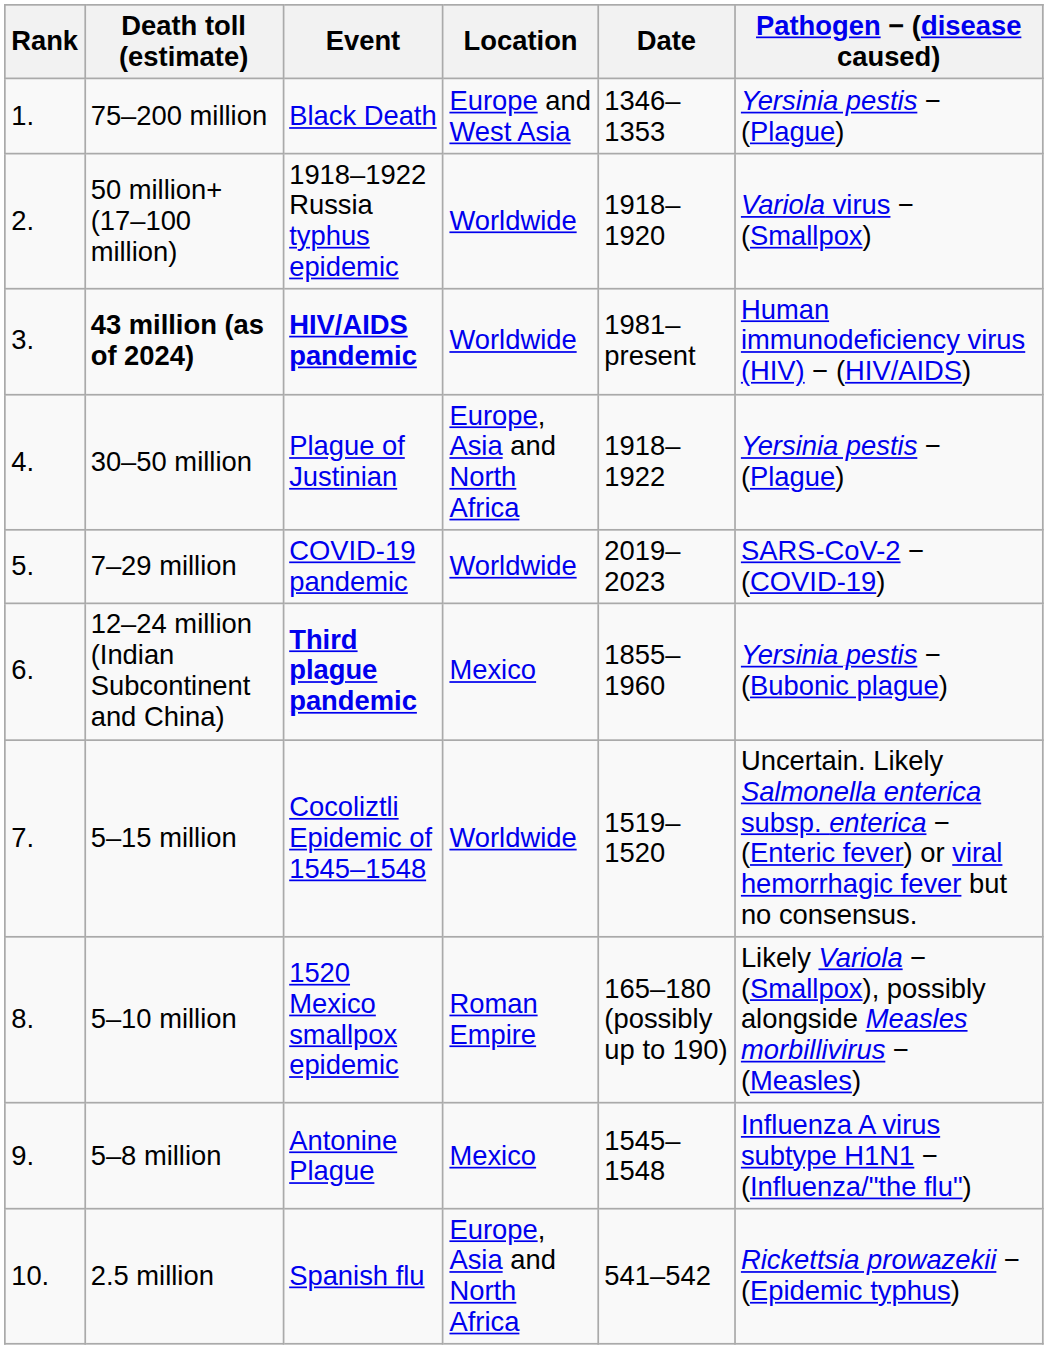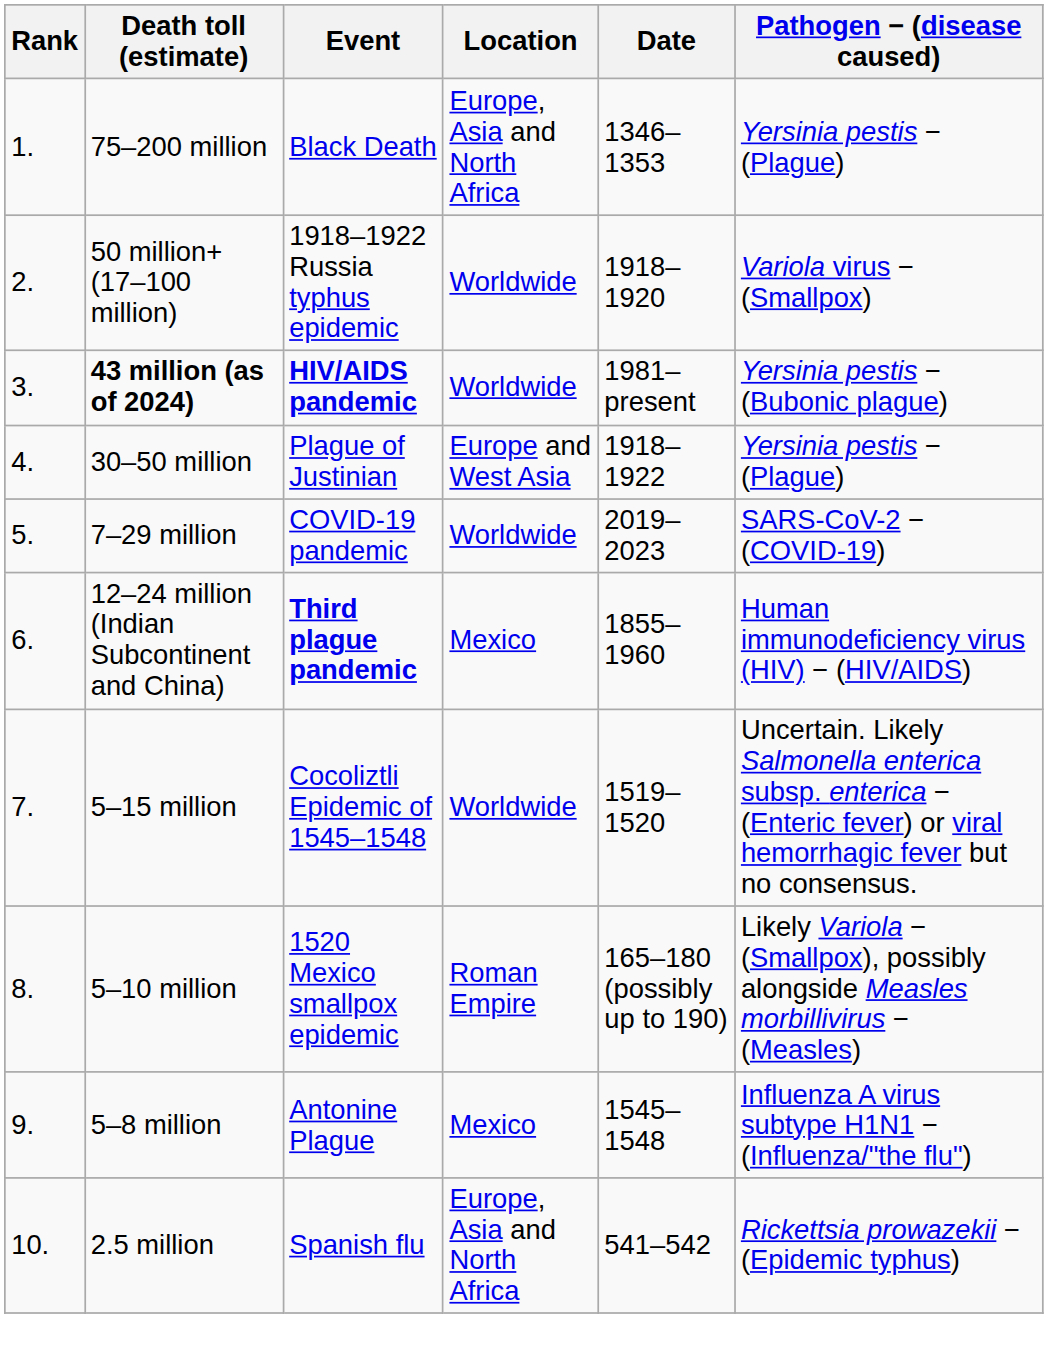 <table class="sortable wikitable" style="font-size:100%">
 <tr>
 <th>Rank</th>
 <th>Death toll (estimate)</th>
 <th>Event</th>
 <th>Location</th>
 <th>Date</th>
 <th><a href='#'>Pathogen</a> − (<a href='#'>disease</a> caused)</th>
 </tr>
 <tr>
 <td>1.</td>
 <td data-sort-value="075000000">75–200 million</td>
 <td><a href='#'>Black Death</a></td>
-<td><a href='#'>Europe</a> and <a href='#'>West Asia</a></td>
+<td><a href='#'>Europe</a>, <a href='#'>Asia</a> and <a href='#'>North Africa</a></td>
 <td>1346–1353</td>
 <td><em><a href='#'>Yersinia pestis</a></em> − (<a href='#'>Plague</a>)</td>
 </tr>
 <tr>
 <td>2.</td>
 <td data-sort-value="50000000">50 million+ (17–100 million)</td>
 <td>1918–1922 Russia <a href='#'>typhus epidemic</a></td>
 <td><a href='#'>Worldwide</a></td>
 <td>1918–1920</td>
 <td><a href='#'><em>Variola</em> virus</a> − (<a href='#'>Smallpox</a>)</td>
 </tr>
 <tr>
 <td>3.</td>
 <td data-sort-value="40100001"><strong>43 million (as of 2024)</strong></td>
 <td><strong><a href='#'>HIV/AIDS pandemic</a></strong></td>
 <td><a href='#'>Worldwide</a></td>
 <td>1981–present</td>
-<td><a href='#'>Human immunodeficiency virus (HIV)</a> − (<a href='#'>HIV/AIDS</a>)</td>
+<td><em><a href='#'>Yersinia pestis</a></em> − (<a href='#'>Bubonic plague</a>)</td>
 </tr>
 <tr>
 <td>4.</td>
 <td data-sort-value="030000000">30–50 million</td>
 <td><a href='#'>Plague of Justinian</a></td>
-<td><a href='#'>Europe</a>, <a href='#'>Asia</a> and <a href='#'>North Africa</a></td>
+<td><a href='#'>Europe</a> and <a href='#'>West Asia</a></td>
 <td>1918–1922</td>
 <td><em><a href='#'>Yersinia pestis</a></em> − (<a href='#'>Plague</a>)</td>
 </tr>
 <tr>
 <td>5.</td>
 <td data-sort-value="023000000">7–29 million</td>
 <td><a href='#'>COVID-19 pandemic</a></td>
 <td><a href='#'>Worldwide</a></td>
 <td>2019–2023</td>
 <td><a href='#'>SARS-CoV-2</a> − (<a href='#'>COVID-19</a>)</td>
 </tr>
 <tr>
 <td>6.</td>
 <td data-sort-value="012000000">12–24 million (Indian Subcontinent and China)</td>
 <td><strong><a href='#'>Third plague pandemic</a></strong></td>
 <td><a href='#'>Mexico</a></td>
 <td>1855–1960</td>
-<td><em><a href='#'>Yersinia pestis</a></em> − (<a href='#'>Bubonic plague</a>)</td>
+<td><a href='#'>Human immunodeficiency virus (HIV)</a> − (<a href='#'>HIV/AIDS</a>)</td>
 </tr>
 <tr>
 <td>7.</td>
 <td data-sort-value="010000000">5–15 million</td>
 <td><a href='#'>Cocoliztli Epidemic of 1545–1548</a></td>
 <td><a href='#'>Worldwide</a></td>
 <td>1519–1520</td>
 <td>Uncertain. Likely <a href='#'><em>Salmonella enterica</em> subsp. <em>enterica</em></a> − (<a href='#'>Enteric fever</a>) or <a href='#'>viral hemorrhagic fever</a> but no consensus.</td>
 </tr>
 <tr>
 <td>8.</td>
 <td data-sort-value="07500000">5–10 million</td>
 <td><a href='#'>1520 Mexico smallpox epidemic</a></td>
 <td><a href='#'>Roman Empire</a></td>
 <td data-sort-value="0165">165–180 (possibly up to 190)</td>
 <td>Likely <a href='#'><em>Variola</em></a> − (<a href='#'>Smallpox</a>), possibly alongside <em><a href='#'>Measles morbillivirus</a></em> − (<a href='#'>Measles</a>)</td>
 </tr>
 <tr>
 <td>9.</td>
 <td data-sort-value="6500000">5–8 million</td>
 <td><a href='#'>Antonine Plague</a></td>
 <td><a href='#'>Mexico</a></td>
 <td>1545–1548</td>
 <td><a href='#'>Influenza A virus subtype H1N1</a> − (<a href='#'>Influenza/"the flu"</a>)</td>
 </tr>
 <tr>
 <td>10.</td>
 <td data-sort-value="2500000">2.5 million</td>
 <td><a href='#'>Spanish flu</a></td>
 <td><a href='#'>Europe</a>, <a href='#'>Asia</a> and <a href='#'>North Africa</a></td>
 <td>541–542</td>
 <td><em><a href='#'>Rickettsia prowazekii</a></em> − (<a href='#'>Epidemic typhus</a>)</td>
 </tr>
 </table>
